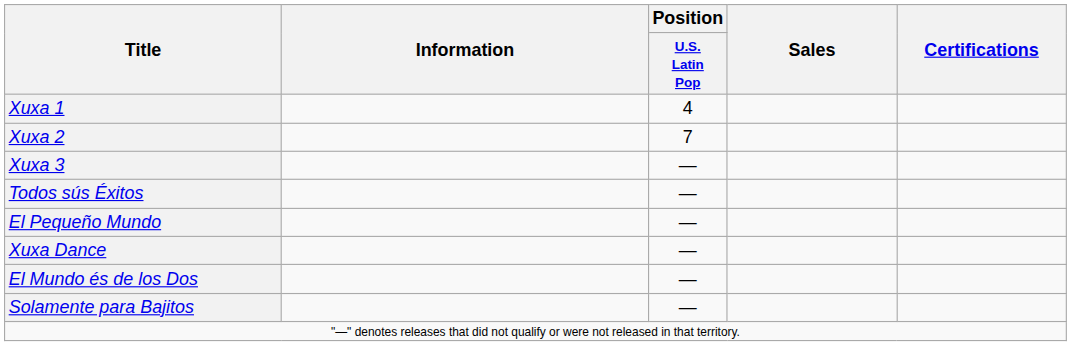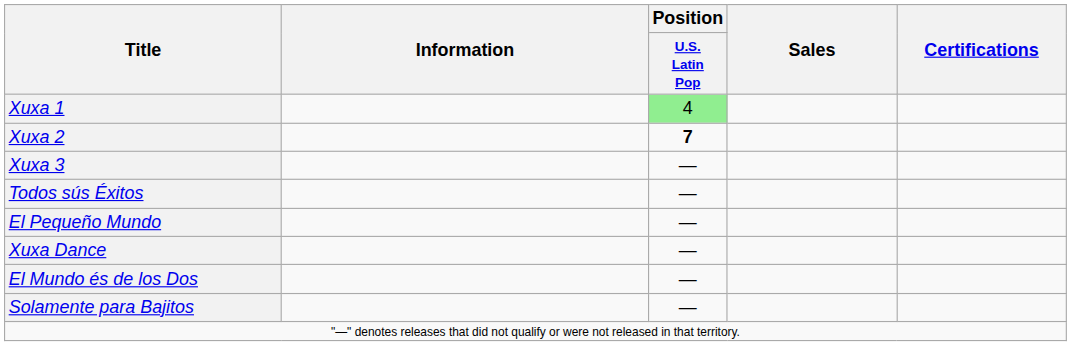 <table class="wikitable plainrowheaders">
 <tr>
 <th scope="col" rowspan="2" style="width:15em;">Title</th>
 <th scope="col" rowspan="2" style="width:20em;">Information</th>
 <th scope="col" colspan="1">Position</th>
 <th scope="col" rowspan="2" style="width:9em;">Sales</th>
 <th scope="col" rowspan="2" style="width:9em;"><a href='#'>Certifications</a></th>
 </tr>
 <tr>
 <th scope="col" style="width:3em;font-size:90%;"><small><a href='#'>U.S.<br>Latin<br>Pop</a></small><br></th>
 </tr>
 <tr>
 <td scope="row" style="background-color: #f2f2f2;"><em><a href='#'>Xuxa 1</a></em></td>
 <td></td>
-<td align="center">4</td>
+<td align="center" style="background: lightgreen;">4</td>
 <td align="left"></td>
 <td align="left"></td>
 </tr>
 <tr>
 <td scope="row" style="background-color: #f2f2f2;"><em><a href='#'>Xuxa 2</a></em></td>
 <td></td>
-<td align="center">7</td>
+<td align="center"><strong>7</strong></td>
 <td align="left"></td>
 <td align="left"></td>
 </tr>
 <tr>
 <td scope="row" style="background-color: #f2f2f2;"><em><a href='#'>Xuxa 3</a></em></td>
 <td></td>
 <td align="center">—</td>
 <td align="left"></td>
 <td align="left"></td>
 </tr>
 <tr>
 <td scope="row" style="background-color: #f2f2f2;"><em><a href='#'>Todos sús Éxitos</a></em></td>
 <td></td>
 <td align="center">—</td>
 <td align="left"></td>
 <td align="left"></td>
 </tr>
 <tr>
 <td scope="row" style="background-color: #f2f2f2;"><em><a href='#'>El Pequeño Mundo</a></em></td>
 <td></td>
 <td align="center">—</td>
 <td align="left"></td>
 <td align="left"></td>
 </tr>
 <tr>
 <td scope="row" style="background-color: #f2f2f2;"><em><a href='#'>Xuxa Dance</a></em></td>
 <td></td>
 <td align="center">—</td>
 <td align="left"></td>
 <td align="left"></td>
 </tr>
 <tr>
 <td scope="row" style="background-color: #f2f2f2;"><em><a href='#'>El Mundo és de los Dos</a></em></td>
 <td></td>
 <td align="center">—</td>
 <td align="left"></td>
 <td align="left"></td>
 </tr>
 <tr>
 <td scope="row" style="background-color: #f2f2f2;"><em><a href='#'>Solamente para Bajitos</a></em></td>
 <td></td>
 <td align="center">—</td>
 <td align="left"></td>
 <td align="left"></td>
 </tr>
 <tr>
 <td colspan="6" style="text-align:center; font-size:8pt;">"—" denotes releases that did not qualify or were not released in that territory.</td>
 </tr>
 </table>
